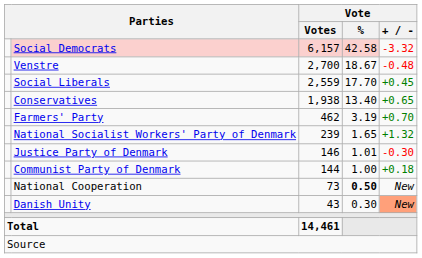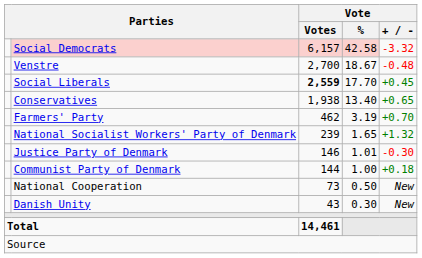 <table class="wikitable" style="text-align:right;">
 <tr>
 <th style="text-align:centre;" rowspan="2" colspan="2" width="225">Parties</th>
 <th colspan="3">Vote</th>
 </tr>
 <tr>
 <th width="15">Votes</th>
 <th width="15">%</th>
 <th width="15">+ / -</th>
 </tr>
 <tr>
 <td width="2" style="color:inherit;background:"></td>
 <td bgcolor=#fbd0ce  align="left"><a href='#'>Social Democrats</a></td>
 <td bgcolor=#fbd0ce>6,157</td>
 <td bgcolor=#fbd0ce>42.58</td>
 <td style=color:red;>-3.32</td>
 </tr>
 <tr>
 <td width="2" style="color:inherit;background:"></td>
 <td align="left"><a href='#'>Venstre</a></td>
 <td>2,700</td>
 <td>18.67</td>
 <td style=color:red;>-0.48</td>
 </tr>
 <tr>
 <td width="2" style="color:inherit;background:"></td>
 <td align="left"><a href='#'>Social Liberals</a></td>
-<td>2,559</td>
+<td><strong>2,559</strong></td>
 <td>17.70</td>
 <td style=color:green;>+0.45</td>
 </tr>
 <tr>
 <td width="2" style="color:inherit;background:"></td>
 <td align="left"><a href='#'>Conservatives</a></td>
 <td>1,938</td>
 <td>13.40</td>
 <td style=color:green;>+0.65</td>
 </tr>
 <tr>
 <td width="2" style="color:inherit;background:"></td>
 <td align="left"><a href='#'>Farmers' Party</a></td>
 <td>462</td>
 <td>3.19</td>
 <td style=color:green;>+0.70</td>
 </tr>
 <tr>
 <td width="2" style="color:inherit;background:"></td>
 <td align="left"><a href='#'>National Socialist Workers' Party of Denmark</a></td>
 <td>239</td>
 <td>1.65</td>
 <td style=color:green;>+1.32</td>
 </tr>
 <tr>
 <td width="2" style="color:inherit;background:"></td>
 <td align="left"><a href='#'>Justice Party of Denmark</a></td>
 <td>146</td>
 <td>1.01</td>
 <td style=color:red;>-0.30</td>
 </tr>
 <tr>
 <td width="2" style="color:inherit;background:"></td>
 <td align="left"><a href='#'>Communist Party of Denmark</a></td>
 <td>144</td>
 <td>1.00</td>
 <td style=color:green;>+0.18</td>
 </tr>
 <tr>
 <td width="2" style="color:inherit;background:"></td>
 <td align="left">National Cooperation</td>
 <td>73</td>
-<td><strong>0.50</strong></td>
+<td>0.50</td>
 <td><em>New</em></td>
 </tr>
 <tr>
 <td width="2" style="color:inherit;background:"></td>
 <td align="left"><a href='#'>Danish Unity</a></td>
 <td>43</td>
 <td>0.30</td>
-<td style="background: lightsalmon;"><em>New</em></td>
+<td><em>New</em></td>
 </tr>
 <tr>
 <td colspan="7" bgcolor="#E9E9E9"></td>
 </tr>
 <tr>
 <td align="left" colspan="2"><strong>Total</strong></td>
 <td><strong>14,461</strong></td>
 <td bgcolor="#E9E9E9" colspan="2"></td>
 </tr>
 <tr>
 <td align="left" colspan="6">Source</td>
 </tr>
 </table>
